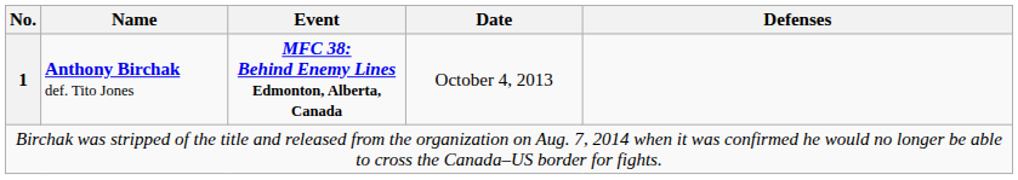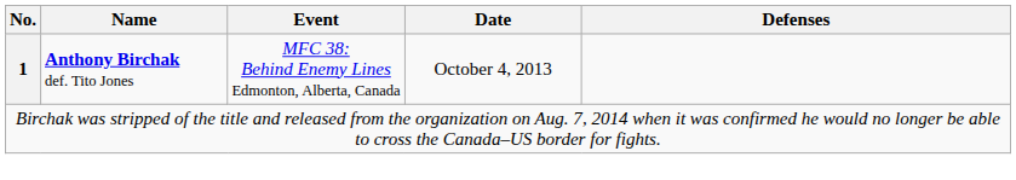 <table class="wikitable" style="width:100%;">
 <tr>
 <th style="width:1%;">No.</th>
 <th style="width:19%;">Name</th>
 <th style="width:18%;">Event</th>
 <th style="width:18%;">Date</th>
 <th style="width:44%;">Defenses</th>
 </tr>
 <tr>
 <th>1</th>
 <td> <strong><a href='#'>Anthony Birchak</a></strong><br><small>def. Tito Jones</small></td>
-<td align=center><strong><em><a href='#'>MFC 38:</a></em><br><em><a href='#'>Behind Enemy Lines</a></em><br><small>Edmonton, Alberta, Canada</small></strong></td>
+<td align=center><em><a href='#'>MFC 38:</a></em><br><em><a href='#'>Behind Enemy Lines</a></em><br><small>Edmonton, Alberta, Canada</small></td>
 <td align=center>October 4, 2013</td>
 <td></td>
 </tr>
 <tr>
 <td style="text-align:center;" colspan="5"><em>Birchak was stripped of the title and released from the organization on Aug. 7, 2014 when it was confirmed he would no longer be able to cross the Canada–US border for fights.</em></td>
 </tr>
 </table>
